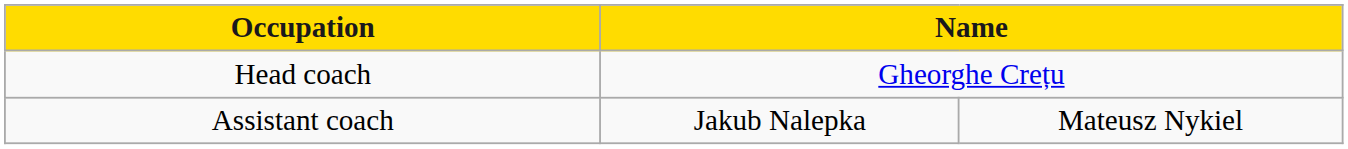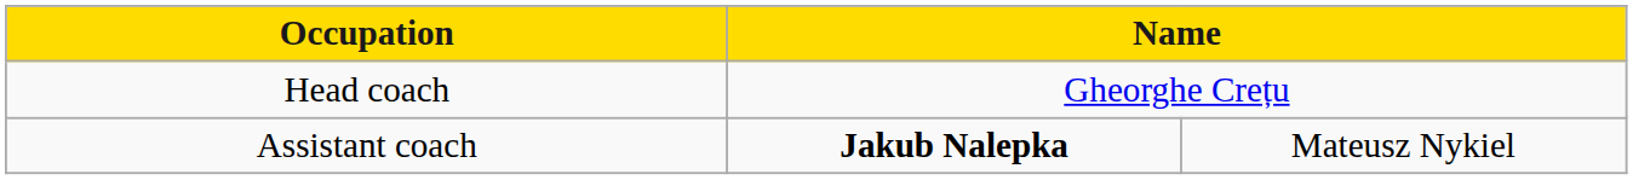 <table class="wikitable" style="font-size:100%; text-align:center">
 <tr>
 <th style="width:20em; color:#1A181C; background-color:#FFDC00">Occupation</th>
 <th colspan="2" style="width:25em; color:#1A181C; background-color:#FFDC00">Name</th>
 </tr>
 <tr>
 <td>Head coach</td>
 <td colspan="2"> <a href='#'>Gheorghe Crețu</a></td>
 </tr>
 <tr>
 <td>Assistant coach</td>
-<td> Jakub Nalepka</td>
+<td><strong> Jakub Nalepka</strong></td>
 <td> Mateusz Nykiel</td>
 </tr>
 </table>
